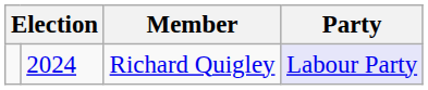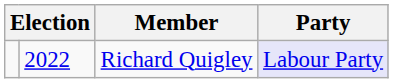 <table class="wikitable">
 <tr>
 <th colspan="2">Election</th>
 <th>Member</th>
 <th>Party</th>
 </tr>
 <tr>
 <td style="color:inherit;background-color: "></td>
-<td><a href='#'>2024</a></td>
+<td><a href='#'>2022</a></td>
 <td><a href='#'>Richard Quigley</a></td>
 <td style="background: lavender;"><a href='#'>Labour Party</a></td>
 </tr>
 </table>
